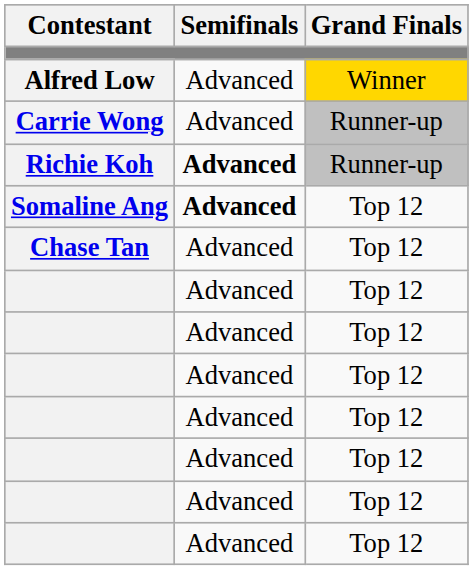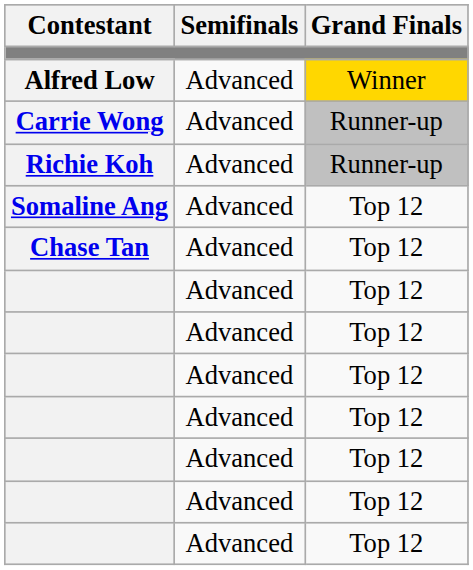 <table class="wikitable" style="text-align:center;">
 <tr>
 <th>Contestant</th>
 <th>Semifinals</th>
 <th>Grand Finals</th>
 </tr>
 <tr>
 <th colspan="4" style="background:gray;"></th>
 </tr>
 <tr>
 <th>Alfred Low</th>
 <td>Advanced</td>
 <td style="background:gold;">Winner</td>
 </tr>
 <tr>
 <th><a href='#'>Carrie Wong</a></th>
 <td>Advanced</td>
 <td style="background:silver;">Runner-up</td>
 </tr>
 <tr>
 <th><a href='#'>Richie Koh</a></th>
-<td><strong>Advanced</strong></td>
+<td>Advanced</td>
 <td style="background:silver;">Runner-up</td>
 </tr>
 <tr>
 <th><a href='#'>Somaline Ang</a></th>
-<td><strong>Advanced</strong></td>
+<td>Advanced</td>
 <td>Top 12</td>
 </tr>
 <tr>
 <th><a href='#'>Chase Tan</a></th>
 <td>Advanced</td>
 <td>Top 12</td>
 </tr>
 <tr>
 <th></th>
 <td>Advanced</td>
 <td>Top 12</td>
 </tr>
 <tr>
 <th></th>
 <td>Advanced</td>
 <td>Top 12</td>
 </tr>
 <tr>
 <th></th>
 <td>Advanced</td>
 <td>Top 12</td>
 </tr>
 <tr>
 <th></th>
 <td>Advanced</td>
 <td>Top 12</td>
 </tr>
 <tr>
 <th></th>
 <td>Advanced</td>
 <td>Top 12</td>
 </tr>
 <tr>
 <th></th>
 <td>Advanced</td>
 <td>Top 12</td>
 </tr>
 <tr>
 <th></th>
 <td>Advanced</td>
 <td>Top 12</td>
 </tr>
 </table>
